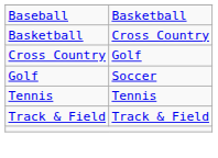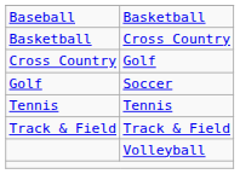 <table class="wikitable" style="float:right; clear:right; margin:0 0 1em 1em;">
 <tr>
 </tr>
 <tr>
 <td><a href='#'>Baseball</a></td>
 <td><a href='#'>Basketball</a></td>
 </tr>
 <tr>
 <td><a href='#'>Basketball</a></td>
 <td><a href='#'>Cross Country</a></td>
 </tr>
 <tr>
 <td><a href='#'>Cross Country</a></td>
 <td><a href='#'>Golf</a></td>
 </tr>
 <tr>
 <td><a href='#'>Golf</a></td>
 <td><a href='#'>Soccer</a></td>
 </tr>
 <tr>
 <td><a href='#'>Tennis</a></td>
 <td><a href='#'>Tennis</a></td>
 </tr>
 <tr>
 <td><a href='#'>Track & Field</a></td>
 <td><a href='#'>Track & Field</a></td>
 </tr>
 <tr>
+<td></td>
+<td><a href='#'>Volleyball</a></td>
+</tr>
+<tr>
 <td colspan="2"></td>
 </tr>
 </table>
